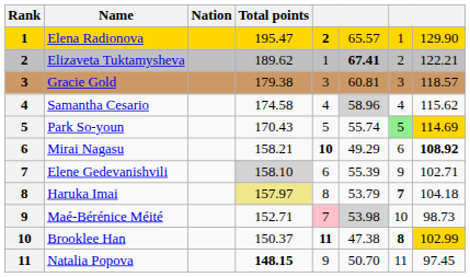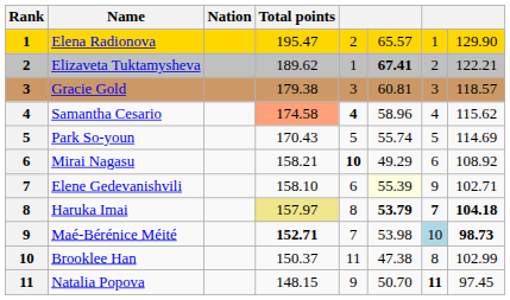 <table class="wikitable sortable">
 <tr>
 <th>Rank</th>
 <th>Name</th>
 <th>Nation</th>
 <th>Total points</th>
 <th colspan="2" width="80px"></th>
 <th colspan="2" width="80px"></th>
 </tr>
 <tr bgcolor="gold">
 <td align="center"><strong>1</strong></td>
 <td><a href='#'>Elena Radionova</a></td>
 <td></td>
 <td align="center">195.47</td>
-<td align="center"><strong>2</strong></td>
+<td align="center">2</td>
 <td align="center">65.57</td>
 <td align="center">1</td>
 <td align="center">129.90</td>
 </tr>
 <tr bgcolor="silver">
 <td align="center"><strong>2</strong></td>
 <td><a href='#'>Elizaveta Tuktamysheva</a></td>
 <td></td>
 <td align="center">189.62</td>
 <td align="center">1</td>
 <td align="center"><strong>67.41</strong></td>
 <td align="center">2</td>
 <td align="center">122.21</td>
 </tr>
 <tr bgcolor="cc9966">
 <td align="center"><strong>3</strong></td>
 <td><a href='#'>Gracie Gold</a></td>
 <td></td>
 <td align="center">179.38</td>
 <td align="center">3</td>
 <td align="center">60.81</td>
 <td align="center">3</td>
 <td align="center">118.57</td>
 </tr>
 <tr>
 <th>4</th>
 <td><a href='#'>Samantha Cesario</a></td>
 <td></td>
-<td align="center">174.58</td>
-<td align="center">4</td>
-<td align="center" style="background: lightgrey;">58.96</td>
+<td align="center" style="background: lightsalmon;">174.58</td>
+<td align="center"><strong>4</strong></td>
+<td align="center">58.96</td>
 <td align="center">4</td>
 <td align="center">115.62</td>
 </tr>
 <tr>
 <th>5</th>
 <td><a href='#'>Park So-youn</a></td>
 <td></td>
 <td align="center">170.43</td>
 <td align="center">5</td>
 <td align="center">55.74</td>
-<td align="center" style="background: lightgreen;">5</td>
-<td align="center" style="background: gold;">114.69</td>
+<td align="center">5</td>
+<td align="center">114.69</td>
 </tr>
 <tr>
 <th>6</th>
 <td><a href='#'>Mirai Nagasu</a></td>
 <td></td>
 <td align="center">158.21</td>
 <td align="center"><strong>10</strong></td>
 <td align="center">49.29</td>
 <td align="center">6</td>
-<td align="center"><strong>108.92</strong></td>
+<td align="center">108.92</td>
 </tr>
 <tr>
 <th>7</th>
 <td><a href='#'>Elene Gedevanishvili</a></td>
 <td></td>
-<td align="center" style="background: lightgrey;">158.10</td>
+<td align="center">158.10</td>
 <td align="center">6</td>
-<td align="center">55.39</td>
+<td align="center" style="background: lightyellow;">55.39</td>
 <td align="center">9</td>
 <td align="center">102.71</td>
 </tr>
 <tr>
 <th>8</th>
 <td><a href='#'>Haruka Imai</a></td>
 <td></td>
 <td align="center" style="background: khaki;">157.97</td>
 <td align="center">8</td>
-<td align="center">53.79</td>
+<td align="center"><strong>53.79</strong></td>
 <td align="center"><strong>7</strong></td>
-<td align="center">104.18</td>
+<td align="center"><strong>104.18</strong></td>
 </tr>
 <tr>
 <th>9</th>
 <td><a href='#'>Maé-Bérénice Méité</a></td>
 <td></td>
-<td align="center">152.71</td>
-<td align="center" style="background: pink;">7</td>
-<td align="center" style="background: lightgrey;">53.98</td>
-<td align="center">10</td>
-<td align="center">98.73</td>
+<td align="center"><strong>152.71</strong></td>
+<td align="center">7</td>
+<td align="center">53.98</td>
+<td align="center" style="background: lightblue;">10</td>
+<td align="center"><strong>98.73</strong></td>
 </tr>
 <tr>
 <th>10</th>
 <td><a href='#'>Brooklee Han</a></td>
 <td></td>
 <td align="center">150.37</td>
-<td align="center"><strong>11</strong></td>
+<td align="center">11</td>
 <td align="center">47.38</td>
-<td align="center"><strong>8</strong></td>
-<td align="center" style="background: gold;">102.99</td>
+<td align="center">8</td>
+<td align="center">102.99</td>
 </tr>
 <tr>
 <th>11</th>
 <td><a href='#'>Natalia Popova</a></td>
 <td></td>
-<td align="center"><strong>148.15</strong></td>
+<td align="center">148.15</td>
 <td align="center">9</td>
 <td align="center">50.70</td>
-<td align="center">11</td>
+<td align="center"><strong>11</strong></td>
 <td align="center">97.45</td>
 </tr>
 </table>
